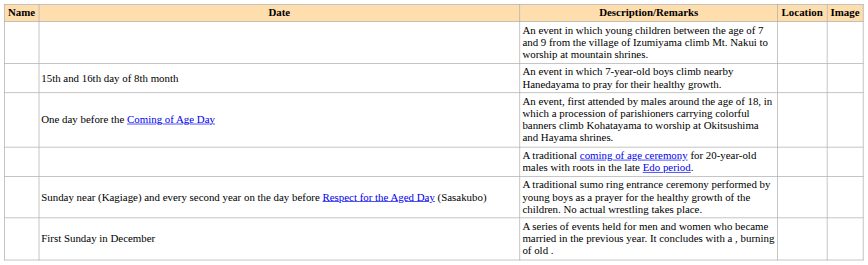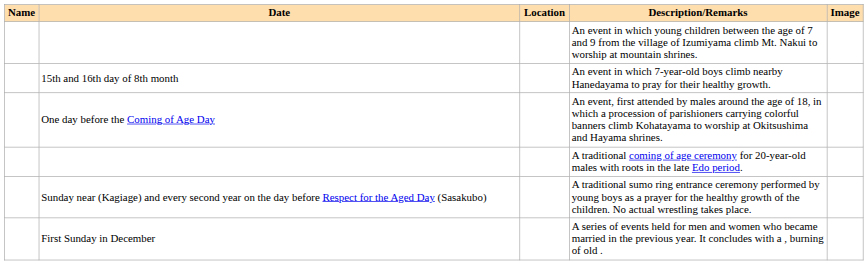 <table class="wikitable sortable" width="100%" style="background:#ffffff;">
 <tr>
 <th align="left" style="background:#ffdead;">Name</th>
 <th align="left" style="background:#ffdead;">Date</th>
+<th style="background:#ffdead;">Location</th>
 <th align="left" style="background:#ffdead;" width=30%>Description/Remarks</th>
-<th style="background:#ffdead;">Location</th>
 <th align="left" style="background:#ffdead;" class="unsortable">Image</th>
 </tr>
 <tr>
 <td></td>
 <td></td>
+<td></td>
 <td>An event in which young children between the age of 7 and 9 from the village of Izumiyama climb Mt. Nakui to worship at mountain shrines.</td>
-<td></td>
 <td></td>
 </tr>
 <tr>
 <td></td>
 <td>15th and 16th day of 8th month</td>
+<td></td>
 <td>An event in which 7-year-old boys climb nearby Hanedayama to pray for their healthy growth.</td>
-<td></td>
 <td></td>
 </tr>
 <tr>
 <td></td>
 <td>One day before the <a href='#'>Coming of Age Day</a></td>
+<td></td>
 <td>An event, first attended by males around the age of 18, in which a procession of parishioners carrying colorful banners climb Kohatayama to worship at Okitsushima and Hayama shrines.</td>
-<td></td>
 <td></td>
 </tr>
 <tr>
 <td></td>
 <td></td>
+<td></td>
 <td>A traditional <a href='#'>coming of age ceremony</a> for 20-year-old males with roots in the late <a href='#'>Edo period</a>.</td>
-<td></td>
 <td></td>
 </tr>
 <tr>
 <td></td>
 <td>Sunday near  (Kagiage) and every second year on the day before <a href='#'>Respect for the Aged Day</a> (Sasakubo)</td>
+<td></td>
 <td>A traditional sumo ring entrance ceremony performed by young boys as a prayer for the healthy growth of the children. No actual wrestling takes place.</td>
-<td></td>
 <td></td>
 </tr>
 <tr>
 <td></td>
 <td>First Sunday in December</td>
+<td></td>
 <td>A series of events held for men and women who became married in the previous year. It concludes with a , burning of old .</td>
-<td></td>
 <td></td>
 </tr>
 </table>
